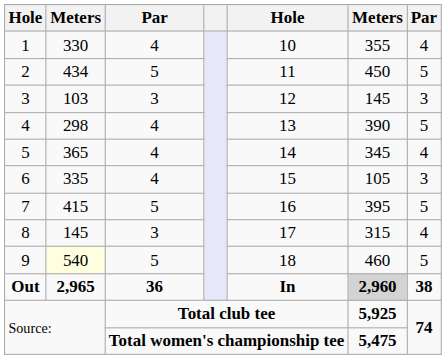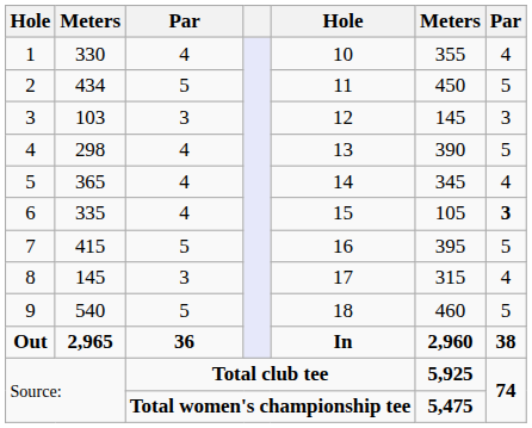 <table class="wikitable" style="text-align:center; font-size:100%;">
 <tr>
 <th>Hole</th>
 <th>Meters</th>
 <th>Par</th>
 <th></th>
 <th>Hole</th>
 <th>Meters</th>
 <th>Par</th>
 </tr>
 <tr>
 <td>1</td>
 <td>330</td>
 <td>4</td>
 <td rowspan="10" style="background:#E6E8FA;"></td>
 <td>10</td>
 <td>355</td>
 <td>4</td>
 </tr>
 <tr>
 <td>2</td>
 <td>434</td>
 <td>5</td>
 <td>11</td>
 <td>450</td>
 <td>5</td>
 </tr>
 <tr>
 <td>3</td>
 <td>103</td>
 <td>3</td>
 <td>12</td>
 <td>145</td>
 <td>3</td>
 </tr>
 <tr>
 <td>4</td>
 <td>298</td>
 <td>4</td>
 <td>13</td>
 <td>390</td>
 <td>5</td>
 </tr>
 <tr>
 <td>5</td>
 <td>365</td>
 <td>4</td>
 <td>14</td>
 <td>345</td>
 <td>4</td>
 </tr>
 <tr>
 <td>6</td>
 <td>335</td>
 <td>4</td>
 <td>15</td>
 <td>105</td>
-<td>3</td>
+<td><strong>3</strong></td>
 </tr>
 <tr>
 <td>7</td>
 <td>415</td>
 <td>5</td>
 <td>16</td>
 <td>395</td>
 <td>5</td>
 </tr>
 <tr>
 <td>8</td>
 <td>145</td>
 <td>3</td>
 <td>17</td>
 <td>315</td>
 <td>4</td>
 </tr>
 <tr>
 <td>9</td>
-<td style="background: lightyellow;">540</td>
+<td>540</td>
 <td>5</td>
 <td>18</td>
 <td>460</td>
 <td>5</td>
 </tr>
 <tr>
 <td><strong>Out</strong></td>
 <td><strong>2,965</strong></td>
 <td><strong>36</strong></td>
 <td><strong>In</strong></td>
-<td style="background: lightgrey;"><strong>2,960</strong></td>
+<td><strong>2,960</strong></td>
 <td><strong>38</strong></td>
 </tr>
 <tr>
 <td colspan="2" rowspan="2" align="left"><small>Source:</small></td>
 <td colspan="3"><strong>Total club tee</strong></td>
 <td><strong>5,925</strong></td>
 <td rowspan="2"><strong>74</strong></td>
 </tr>
 <tr>
 <td colspan="3"><strong>Total women's championship tee</strong></td>
 <td><strong>5,475</strong></td>
 </tr>
 </table>
